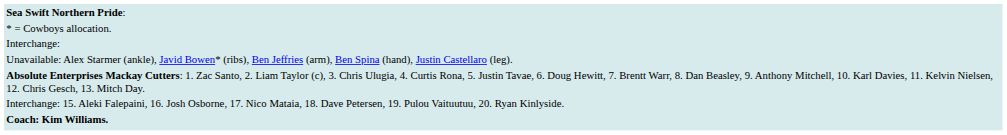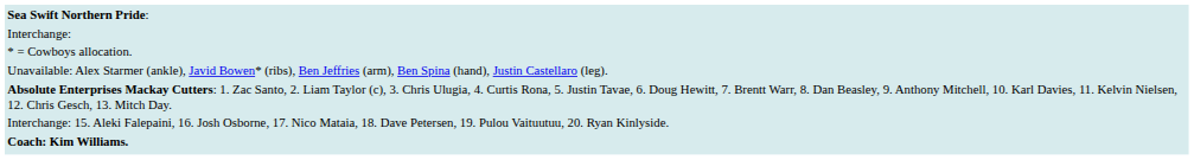 <table style="background:#d7ebed; font-size:85%; width:100%;">
 <tr>
 <td><strong>Sea Swift Northern Pride</strong>:             </td>
 </tr>
 <tr>
-<td>* = Cowboys allocation.</td>
+<td>Interchange:    </td>
 </tr>
 <tr>
-<td>Interchange:    </td>
+<td>* = Cowboys allocation.</td>
 </tr>
 <tr>
 <td>Unavailable: Alex Starmer (ankle), <a href='#'>Javid Bowen</a>* (ribs), <a href='#'>Ben Jeffries</a> (arm), <a href='#'>Ben Spina</a> (hand), <a href='#'>Justin Castellaro</a> (leg).</td>
 </tr>
 <tr>
 <td><strong>Absolute Enterprises Mackay Cutters</strong>: 1. Zac Santo, 2. Liam Taylor (c), 3. Chris Ulugia, 4. Curtis Rona, 5. Justin Tavae, 6. Doug Hewitt, 7. Brentt Warr, 8. Dan Beasley, 9. Anthony Mitchell, 10. Karl Davies, 11. Kelvin Nielsen, 12. Chris Gesch, 13. Mitch Day.</td>
 </tr>
 <tr>
 <td>Interchange: 15. Aleki Falepaini, 16. Josh Osborne, 17. Nico Mataia, 18. Dave Petersen, 19. Pulou Vaituutuu, 20. Ryan Kinlyside.</td>
 </tr>
 <tr>
 <td><strong>Coach: Kim Williams.</strong></td>
 </tr>
 <tr>
 </tr>
 </table>
